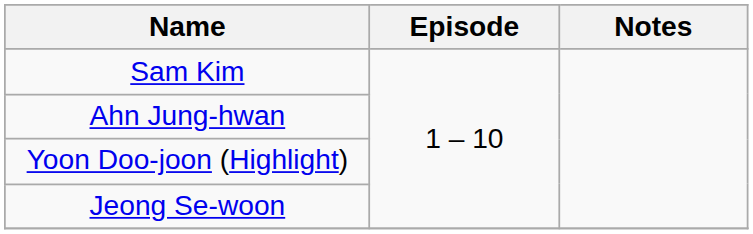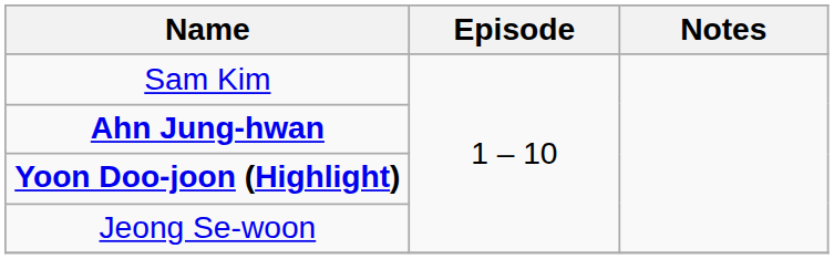 <table class=wikitable style=text-align:center>
 <tr>
 <th style=width:200px>Name</th>
 <th style=width:100px>Episode</th>
 <th style=width:100px>Notes</th>
 </tr>
 <tr>
 <td><a href='#'>Sam Kim</a></td>
 <td rowspan=4>1 – 10</td>
 <td rowspan=4></td>
 </tr>
 <tr>
-<td><a href='#'>Ahn Jung-hwan</a></td>
+<td><strong><a href='#'>Ahn Jung-hwan</a></strong></td>
 </tr>
 <tr>
-<td><a href='#'>Yoon Doo-joon</a> (<a href='#'>Highlight</a>)</td>
+<td><strong><a href='#'>Yoon Doo-joon</a> (<a href='#'>Highlight</a>)</strong></td>
 </tr>
 <tr>
 <td><a href='#'>Jeong Se-woon</a></td>
 </tr>
 <tr>
 </tr>
 </table>
